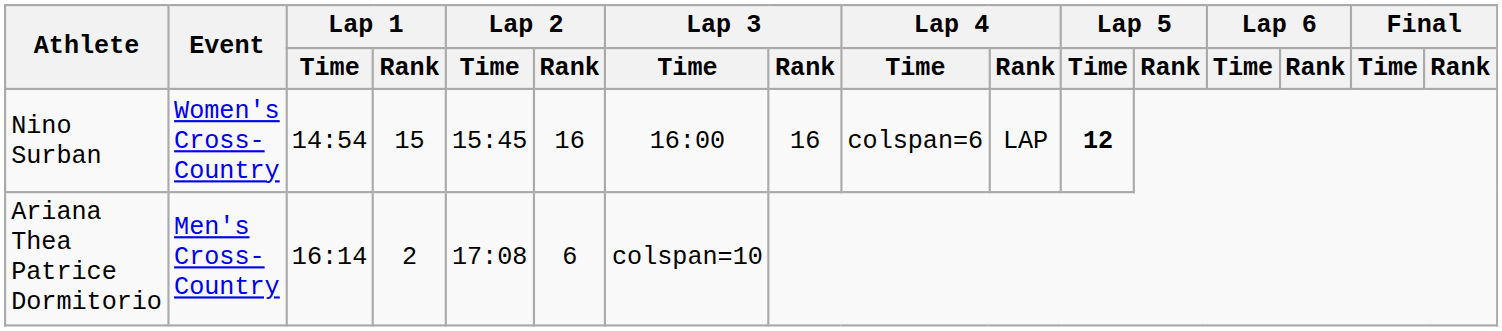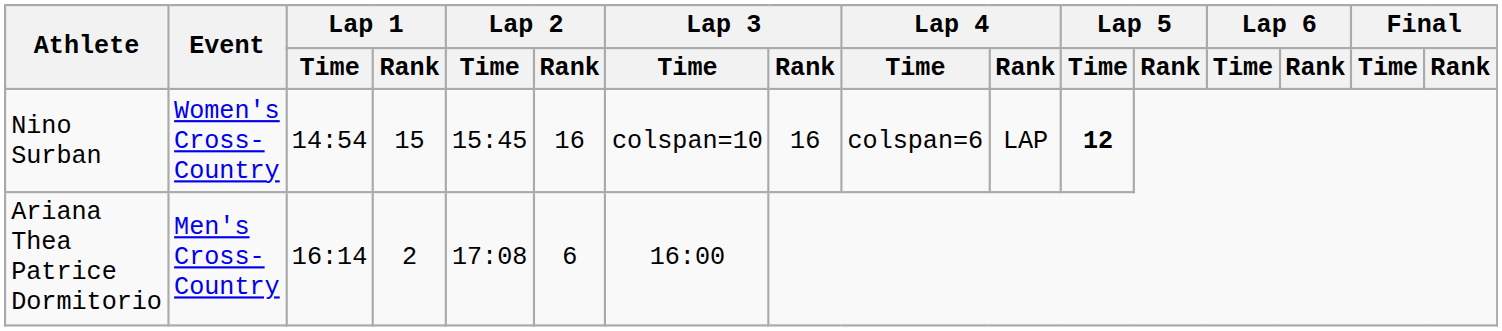 <table class=wikitable style="font-size:90%; text-align:center">
 <tr>
 <th rowspan="2">Athlete</th>
 <th rowspan="2">Event</th>
 <th colspan=2>Lap 1</th>
 <th colspan=2>Lap 2</th>
 <th colspan=2>Lap 3</th>
 <th colspan=2>Lap 4</th>
 <th colspan=2>Lap 5</th>
 <th colspan=2>Lap 6</th>
 <th colspan=2>Final</th>
 </tr>
 <tr>
 <th>Time</th>
 <th>Rank</th>
 <th>Time</th>
 <th>Rank</th>
 <th>Time</th>
 <th>Rank</th>
 <th>Time</th>
 <th>Rank</th>
 <th>Time</th>
 <th>Rank</th>
 <th>Time</th>
 <th>Rank</th>
 <th>Time</th>
 <th>Rank</th>
 </tr>
 <tr>
 <td align=left>Nino Surban</td>
 <td align=left><a href='#'>Women's Cross-Country</a></td>
 <td>14:54</td>
 <td>15</td>
 <td>15:45</td>
 <td>16</td>
-<td>16:00</td>
+<td>colspan=10 </td>
 <td>16</td>
 <td>colspan=6 </td>
 <td>LAP</td>
 <td><strong>12</strong></td>
 </tr>
 <tr>
 <td align=left>Ariana Thea Patrice Dormitorio</td>
 <td align=left><a href='#'>Men's Cross-Country</a></td>
 <td>16:14</td>
 <td>2</td>
 <td>17:08</td>
 <td>6</td>
-<td>colspan=10 </td>
+<td>16:00</td>
 </tr>
 </table>
